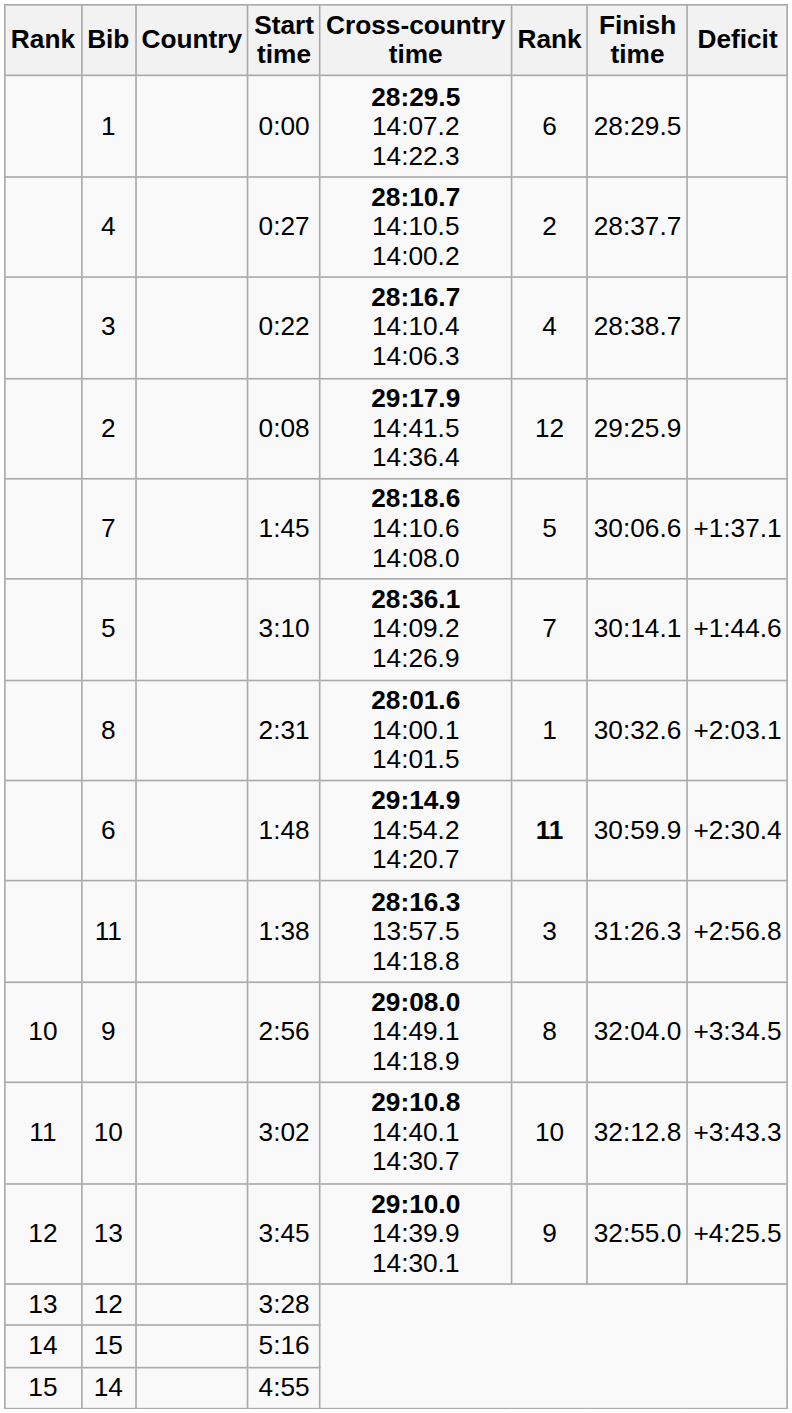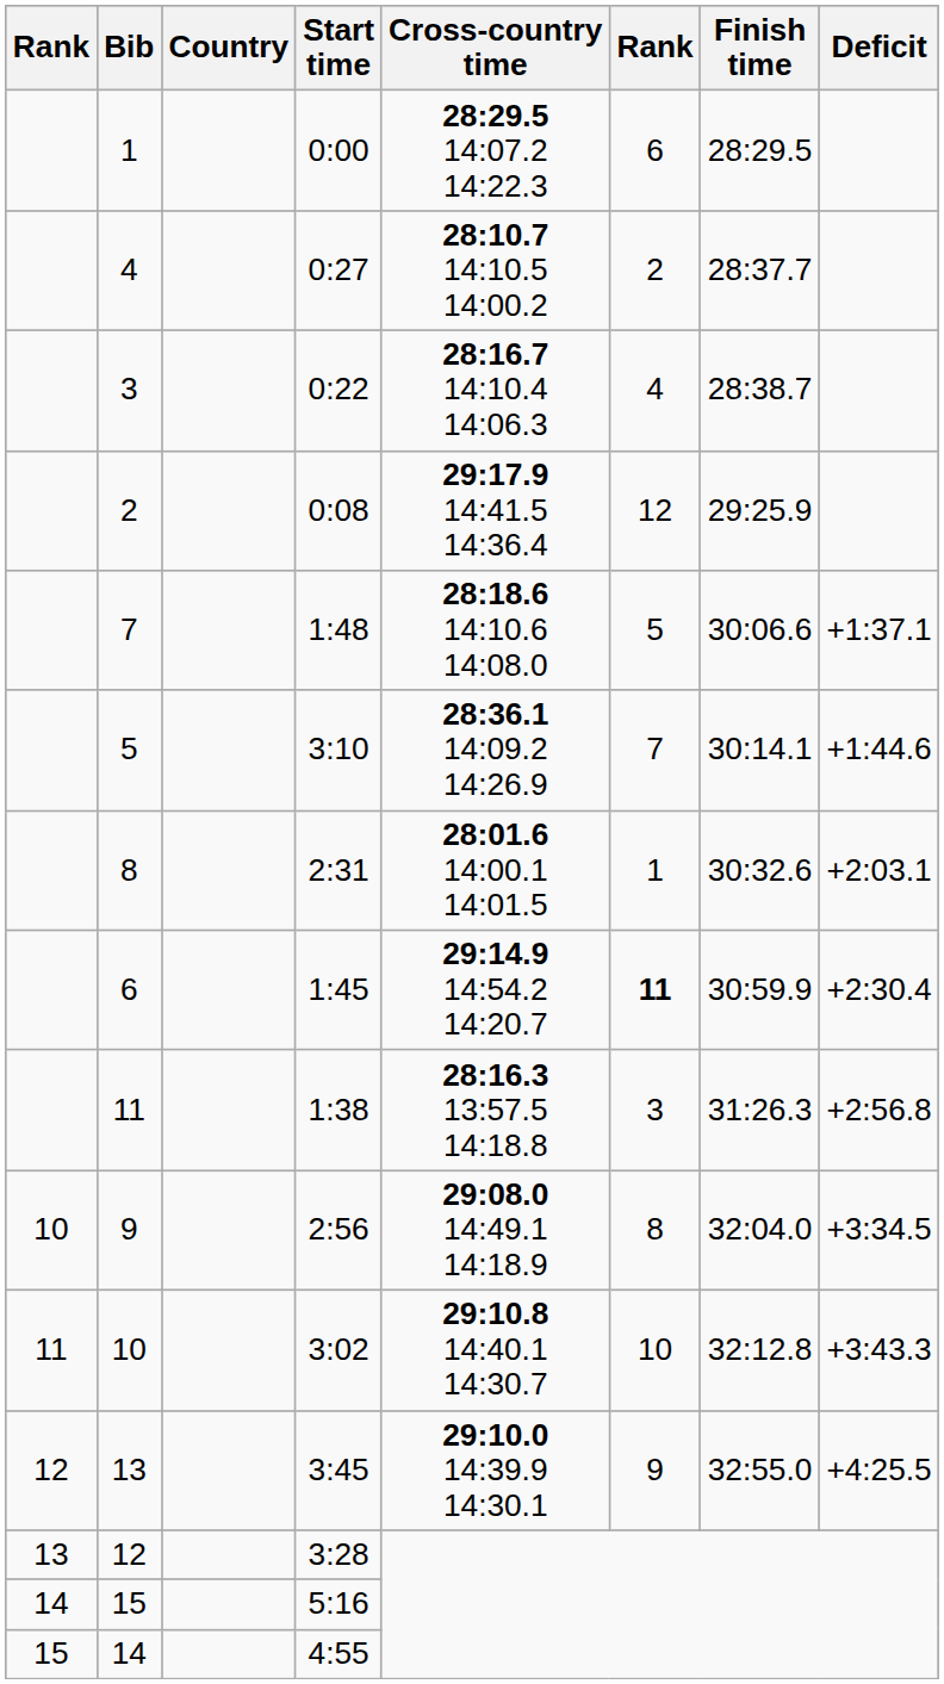 <table class="wikitable sortable" style="text-align:center">
 <tr>
 <th>Rank</th>
 <th>Bib</th>
 <th>Country</th>
 <th>Start<br>time</th>
 <th>Cross-country<br>time</th>
 <th>Rank</th>
 <th>Finish<br>time</th>
 <th>Deficit</th>
 </tr>
 <tr>
 <td></td>
 <td>1</td>
 <td align=left><br></td>
 <td>0:00</td>
 <td><strong>28:29.5</strong><br>14:07.2<br>14:22.3</td>
 <td>6</td>
 <td>28:29.5</td>
 <td></td>
 </tr>
 <tr>
 <td></td>
 <td>4</td>
 <td align=left><br></td>
 <td>0:27</td>
 <td><strong>28:10.7</strong><br>14:10.5<br>14:00.2</td>
 <td>2</td>
 <td>28:37.7</td>
 <td></td>
 </tr>
 <tr>
 <td></td>
 <td>3</td>
 <td align=left><br></td>
 <td>0:22</td>
 <td><strong>28:16.7</strong><br>14:10.4<br>14:06.3</td>
 <td>4</td>
 <td>28:38.7</td>
 <td></td>
 </tr>
 <tr>
 <td></td>
 <td>2</td>
 <td align=left><br></td>
 <td>0:08</td>
 <td><strong>29:17.9</strong><br>14:41.5<br>14:36.4</td>
 <td>12</td>
 <td>29:25.9</td>
 <td></td>
 </tr>
 <tr>
 <td></td>
 <td>7</td>
 <td align=left><br></td>
-<td>1:45</td>
+<td>1:48</td>
 <td><strong>28:18.6</strong><br>14:10.6<br>14:08.0</td>
 <td>5</td>
 <td>30:06.6</td>
 <td>+1:37.1</td>
 </tr>
 <tr>
 <td></td>
 <td>5</td>
 <td align=left><br></td>
 <td>3:10</td>
 <td><strong>28:36.1</strong><br>14:09.2<br>14:26.9</td>
 <td>7</td>
 <td>30:14.1</td>
 <td>+1:44.6</td>
 </tr>
 <tr>
 <td></td>
 <td>8</td>
 <td align=left><br></td>
 <td>2:31</td>
 <td><strong>28:01.6</strong><br>14:00.1<br>14:01.5</td>
 <td>1</td>
 <td>30:32.6</td>
 <td>+2:03.1</td>
 </tr>
 <tr>
 <td></td>
 <td>6</td>
 <td align=left><br></td>
-<td>1:48</td>
+<td>1:45</td>
 <td><strong>29:14.9</strong><br>14:54.2<br>14:20.7</td>
 <td><strong>11</strong></td>
 <td>30:59.9</td>
 <td>+2:30.4</td>
 </tr>
 <tr>
 <td></td>
 <td>11</td>
 <td align=left><br></td>
 <td>1:38</td>
 <td><strong>28:16.3</strong><br>13:57.5<br>14:18.8</td>
 <td>3</td>
 <td>31:26.3</td>
 <td>+2:56.8</td>
 </tr>
 <tr>
 <td>10</td>
 <td>9</td>
 <td align=left><br></td>
 <td>2:56</td>
 <td><strong>29:08.0</strong><br>14:49.1<br>14:18.9</td>
 <td>8</td>
 <td>32:04.0</td>
 <td>+3:34.5</td>
 </tr>
 <tr>
 <td>11</td>
 <td>10</td>
 <td align=left><br></td>
 <td>3:02</td>
 <td><strong>29:10.8</strong><br>14:40.1<br>14:30.7</td>
 <td>10</td>
 <td>32:12.8</td>
 <td>+3:43.3</td>
 </tr>
 <tr>
 <td>12</td>
 <td>13</td>
 <td align=left><br></td>
 <td>3:45</td>
 <td><strong>29:10.0</strong><br>14:39.9<br>14:30.1</td>
 <td>9</td>
 <td>32:55.0</td>
 <td>+4:25.5</td>
 </tr>
 <tr>
 <td>13</td>
 <td>12</td>
 <td align=left><br></td>
 <td>3:28</td>
 <td colspan=4 rowspan=3></td>
 </tr>
 <tr>
 <td>14</td>
 <td>15</td>
 <td align=left><br></td>
 <td>5:16</td>
 </tr>
 <tr>
 <td>15</td>
 <td>14</td>
 <td align=left><br></td>
 <td>4:55</td>
 </tr>
 </table>
